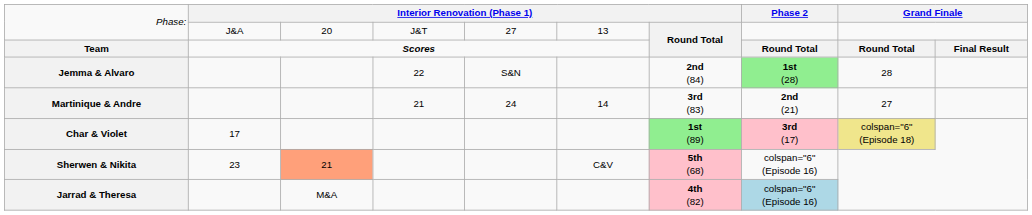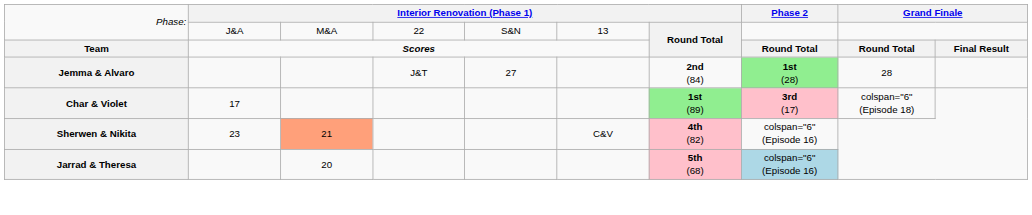 <table class="wikitable" style="text-align: center; font-size: 9pt; line-height:16px; width:100%">
 <tr>
 <td style="width:10%; text-align:right;" rowspan="2"><em>Phase:</em></td>
 <th colspan="6"><a href='#'>Interior Renovation (Phase 1)</a></th>
 <th><a href='#'>Phase 2</a></th>
 <th colspan=2><a href='#'>Grand Finale</a></th>
 </tr>
 <tr>
 <td style="width:5%;">J&A</td>
-<td>20</td>
-<td style="width:5%;">J&T</td>
-<td>27</td>
+<td style="width:5%;">M&A</td>
+<td>22</td>
+<td style="width:5%;">S&N</td>
 <td>13</td>
 <th rowspan="2" style="width:5%;">Round Total </th>
 <td style="width:5%;"></td>
 <td colspan=2 style="width:5%;"></td>
 </tr>
 <tr>
 <th>Team</th>
 <td colspan="5"><strong><em>Scores</em></strong></td>
 <th style="width:5%;">Round Total </th>
 <th style="width:5%;">Round Total </th>
 <th style="width:5%;">Final Result</th>
 </tr>
 <tr>
 <th style="font-size: 9pt">Jemma & Alvaro</th>
 <td></td>
 <td></td>
-<td>22</td>
-<td style="width:5%;">S&N</td>
+<td style="width:5%;">J&T</td>
+<td>27</td>
 <td></td>
 <td><strong>2nd</strong><br>(84)</td>
 <td style="background:lightgreen"><strong>1st</strong><br>(28)</td>
 <td>28</td>
-<td></td>
-</tr>
-<tr>
-<th style="font-size: 9pt">Martinique & Andre</th>
-<td></td>
-<td></td>
-<td>21</td>
-<td>24</td>
-<td>14</td>
-<td><strong>3rd</strong><br>(83)</td>
-<td><strong>2nd</strong><br>(21)</td>
-<td>27</td>
 <td></td>
 </tr>
 <tr>
 <th style="font-size: 9pt">Char & Violet</th>
 <td>17</td>
 <td></td>
 <td></td>
 <td></td>
 <td></td>
 <td style="background:lightgreen"><strong>1st</strong><br>(89)</td>
 <td style="background:pink"><strong>3rd</strong><br>(17)</td>
-<td style="background: khaki;">colspan="6" <br>(Episode 18)</td>
+<td>colspan="6" <br>(Episode 18)</td>
 </tr>
 <tr>
 <th style="font-size: 9pt">Sherwen & Nikita</th>
 <td>23</td>
 <td style="background: lightsalmon;">21</td>
 <td></td>
 <td></td>
 <td style="width:5%;">C&V</td>
-<td style="background:pink"><strong>5th</strong><br>(68)</td>
+<td style="background:pink"><strong>4th</strong><br>(82)</td>
 <td>colspan="6" <br>(Episode 16)</td>
 </tr>
 <tr>
 <th style="font-size: 9pt">Jarrad & Theresa</th>
 <td></td>
-<td style="width:5%;">M&A</td>
+<td>20</td>
 <td></td>
 <td></td>
 <td></td>
-<td style="background:pink"><strong>4th</strong><br>(82)</td>
+<td style="background:pink"><strong>5th</strong><br>(68)</td>
 <td style="background: lightblue;">colspan="6" <br>(Episode 16)</td>
 </tr>
 </table>
